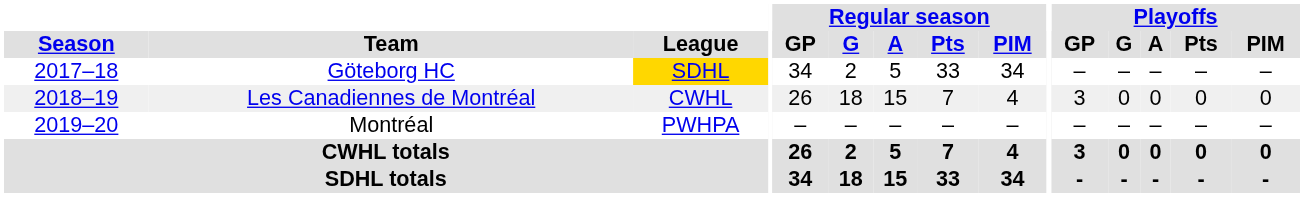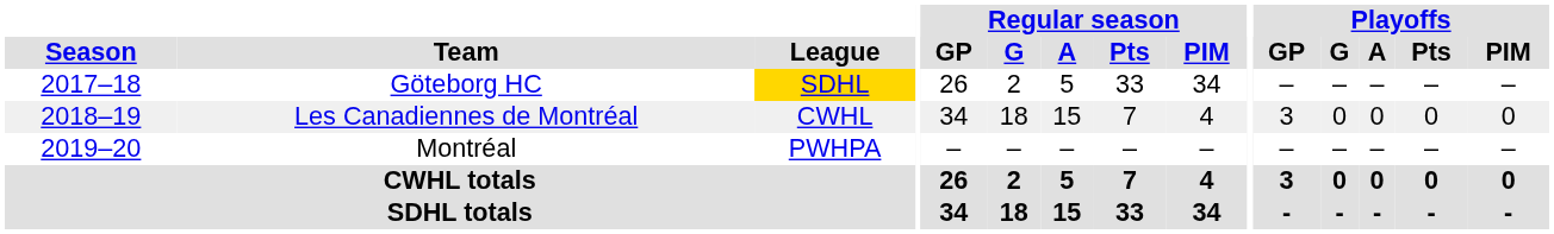 <table border="0" cellpadding="1" cellspacing="0" style="text-align:center; width:60em">
 <tr bgcolor="#e0e0e0">
 <th colspan="3" bgcolor="#ffffff"></th>
 <th rowspan="100" bgcolor="#ffffff"></th>
 <th colspan="5"><a href='#'>Regular season</a></th>
 <th rowspan="100" bgcolor="#ffffff"></th>
 <th colspan="5"><a href='#'>Playoffs</a></th>
 </tr>
 <tr bgcolor="#e0e0e0">
 <th><a href='#'>Season</a></th>
 <th>Team</th>
 <th>League</th>
 <th>GP</th>
 <th><a href='#'>G</a></th>
 <th><a href='#'>A</a></th>
 <th><a href='#'>Pts</a></th>
 <th><a href='#'>PIM</a></th>
 <th>GP</th>
 <th>G</th>
 <th>A</th>
 <th>Pts</th>
 <th>PIM</th>
 </tr>
 <tr>
 <td><a href='#'>2017–18</a></td>
 <td><a href='#'>Göteborg HC</a></td>
 <td style="background: gold;"><a href='#'>SDHL</a></td>
-<td>34</td>
+<td>26</td>
 <td>2</td>
 <td>5</td>
 <td>33</td>
 <td>34</td>
 <td>–</td>
 <td>–</td>
 <td>–</td>
 <td>–</td>
 <td>–</td>
 </tr>
 <tr style="background:#f0f0f0;">
 <td><a href='#'>2018–19</a></td>
 <td><a href='#'>Les Canadiennes de Montréal</a></td>
 <td><a href='#'>CWHL</a></td>
-<td>26</td>
+<td>34</td>
 <td>18</td>
 <td>15</td>
 <td>7</td>
 <td>4</td>
 <td>3</td>
 <td>0</td>
 <td>0</td>
 <td>0</td>
 <td>0</td>
 </tr>
 <tr>
 <td><a href='#'>2019–20</a></td>
 <td>Montréal</td>
 <td><a href='#'>PWHPA</a></td>
 <td>–</td>
 <td>–</td>
 <td>–</td>
 <td>–</td>
 <td>–</td>
 <td>–</td>
 <td>–</td>
 <td>–</td>
 <td>–</td>
 <td>–</td>
 </tr>
 <tr style="text-align:center; background:#e0e0e0;">
 <th colspan="3">CWHL totals</th>
 <th>26</th>
 <th>2</th>
 <th>5</th>
 <th>7</th>
 <th>4</th>
 <th>3</th>
 <th>0</th>
 <th>0</th>
 <th>0</th>
 <th>0</th>
 </tr>
 <tr style="text-align:center; background:#e0e0e0;">
 <th colspan="3">SDHL totals</th>
 <th>34</th>
 <th>18</th>
 <th>15</th>
 <th>33</th>
 <th>34</th>
 <th>-</th>
 <th>-</th>
 <th>-</th>
 <th>-</th>
 <th>-</th>
 </tr>
 </table>
